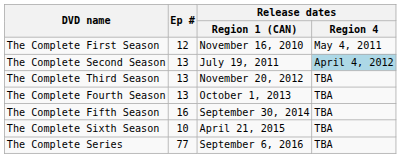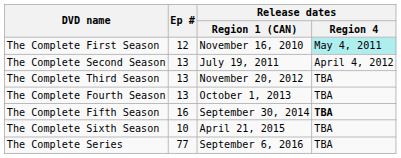 <table class="wikitable">
 <tr>
 <th rowspan="2">DVD name</th>
 <th rowspan="2">Ep #</th>
 <th colspan="2">Release dates</th>
 </tr>
 <tr>
 <th>Region 1 (CAN)</th>
 <th>Region 4</th>
 </tr>
 <tr>
 <td>The Complete First Season</td>
 <td style="text-align:center;">12</td>
 <td>November 16, 2010</td>
-<td>May 4, 2011</td>
+<td style="background: paleturquoise;">May 4, 2011</td>
 </tr>
 <tr>
 <td>The Complete Second Season</td>
 <td style="text-align:center;">13</td>
 <td>July 19, 2011</td>
-<td style="background: lightblue;">April 4, 2012</td>
+<td>April 4, 2012</td>
 </tr>
 <tr>
 <td>The Complete Third Season</td>
 <td style="text-align:center;">13</td>
 <td>November 20, 2012</td>
 <td>TBA</td>
 </tr>
 <tr>
 <td>The Complete Fourth Season</td>
 <td style="text-align:center;">13</td>
 <td>October 1, 2013</td>
 <td>TBA</td>
 </tr>
 <tr>
 <td>The Complete Fifth Season</td>
 <td style="text-align:center;">16</td>
 <td>September 30, 2014</td>
-<td>TBA</td>
+<td><strong>TBA</strong></td>
 </tr>
 <tr>
 <td>The Complete Sixth Season</td>
 <td style="text-align:center;">10</td>
 <td>April 21, 2015</td>
 <td>TBA</td>
 </tr>
 <tr>
 <td>The Complete Series</td>
 <td style="text-align:center;">77</td>
 <td>September 6, 2016</td>
 <td>TBA</td>
 </tr>
 </table>
